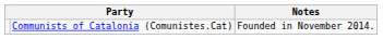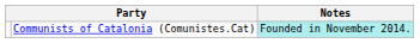 <table class="wikitable" style="text-align:left; font-size:95%;">
 <tr>
 <th colspan="2">Party</th>
 <th>Notes</th>
 </tr>
 <tr>
 <td width="1"></td>
 <td><a href='#'>Communists of Catalonia</a> (Comunistes.Cat)</td>
-<td>Founded in November 2014.</td>
+<td style="background: paleturquoise;">Founded in November 2014.</td>
 </tr>
 </table>
